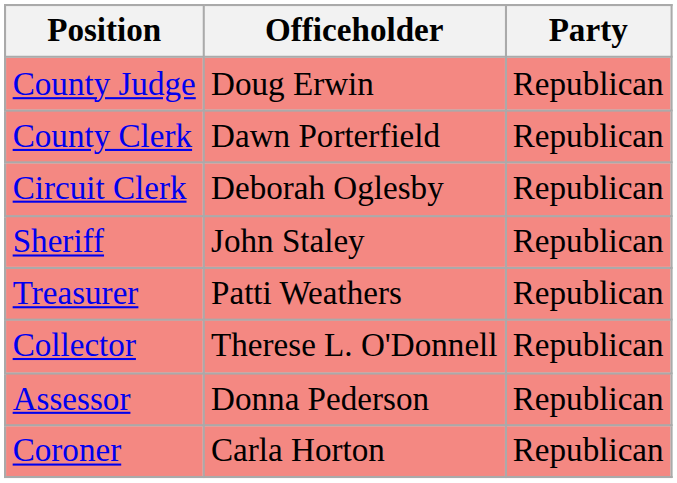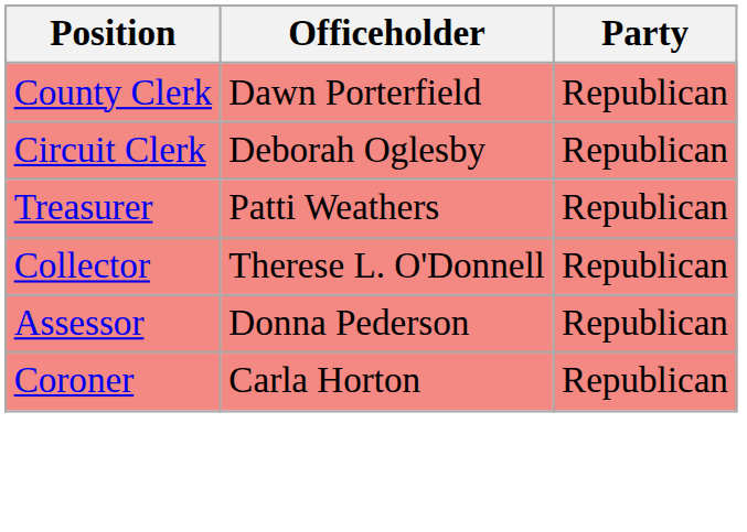 <table class="wikitable mw-collapsible">
 <tr>
 <th>Position</th>
 <th>Officeholder</th>
 <th>Party</th>
-</tr>
-<tr style="background-color: #F48882;">
-<td><a href='#'>County Judge</a></td>
-<td>Doug Erwin</td>
-<td>Republican</td>
 </tr>
 <tr style="background-color: #F48882;">
 <td><a href='#'>County Clerk</a></td>
 <td>Dawn Porterfield</td>
 <td>Republican</td>
 </tr>
 <tr style="background-color: #F48882;">
 <td><a href='#'>Circuit Clerk</a></td>
 <td>Deborah Oglesby</td>
-<td>Republican</td>
-</tr>
-<tr style="background-color: #F48882;">
-<td><a href='#'>Sheriff</a></td>
-<td>John Staley</td>
 <td>Republican</td>
 </tr>
 <tr style="background-color: #F48882;">
 <td><a href='#'>Treasurer</a></td>
 <td>Patti Weathers</td>
 <td>Republican</td>
 </tr>
 <tr style="background-color: #F48882;">
 <td><a href='#'>Collector</a></td>
 <td>Therese L. O'Donnell</td>
 <td>Republican</td>
 </tr>
 <tr style="background-color: #F48882;">
 <td><a href='#'>Assessor</a></td>
 <td>Donna Pederson</td>
 <td>Republican</td>
 </tr>
 <tr style="background-color: #F48882;">
 <td><a href='#'>Coroner</a></td>
 <td>Carla Horton</td>
 <td>Republican</td>
 </tr>
 </table>
